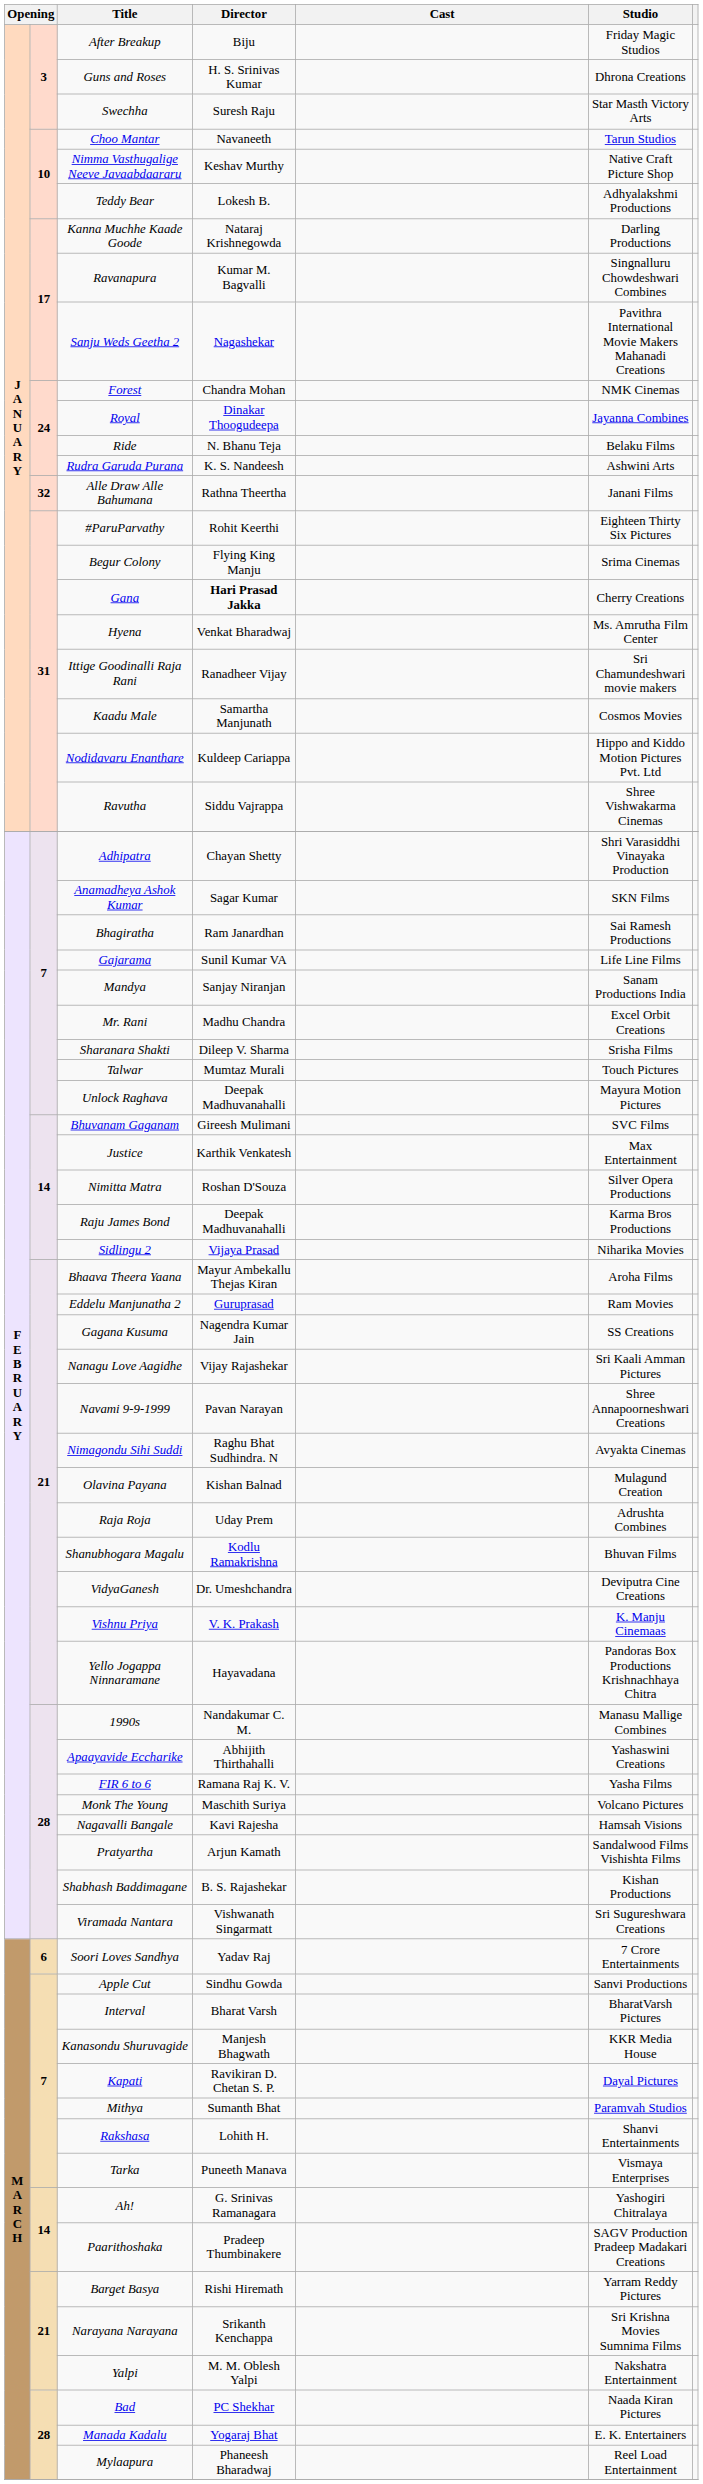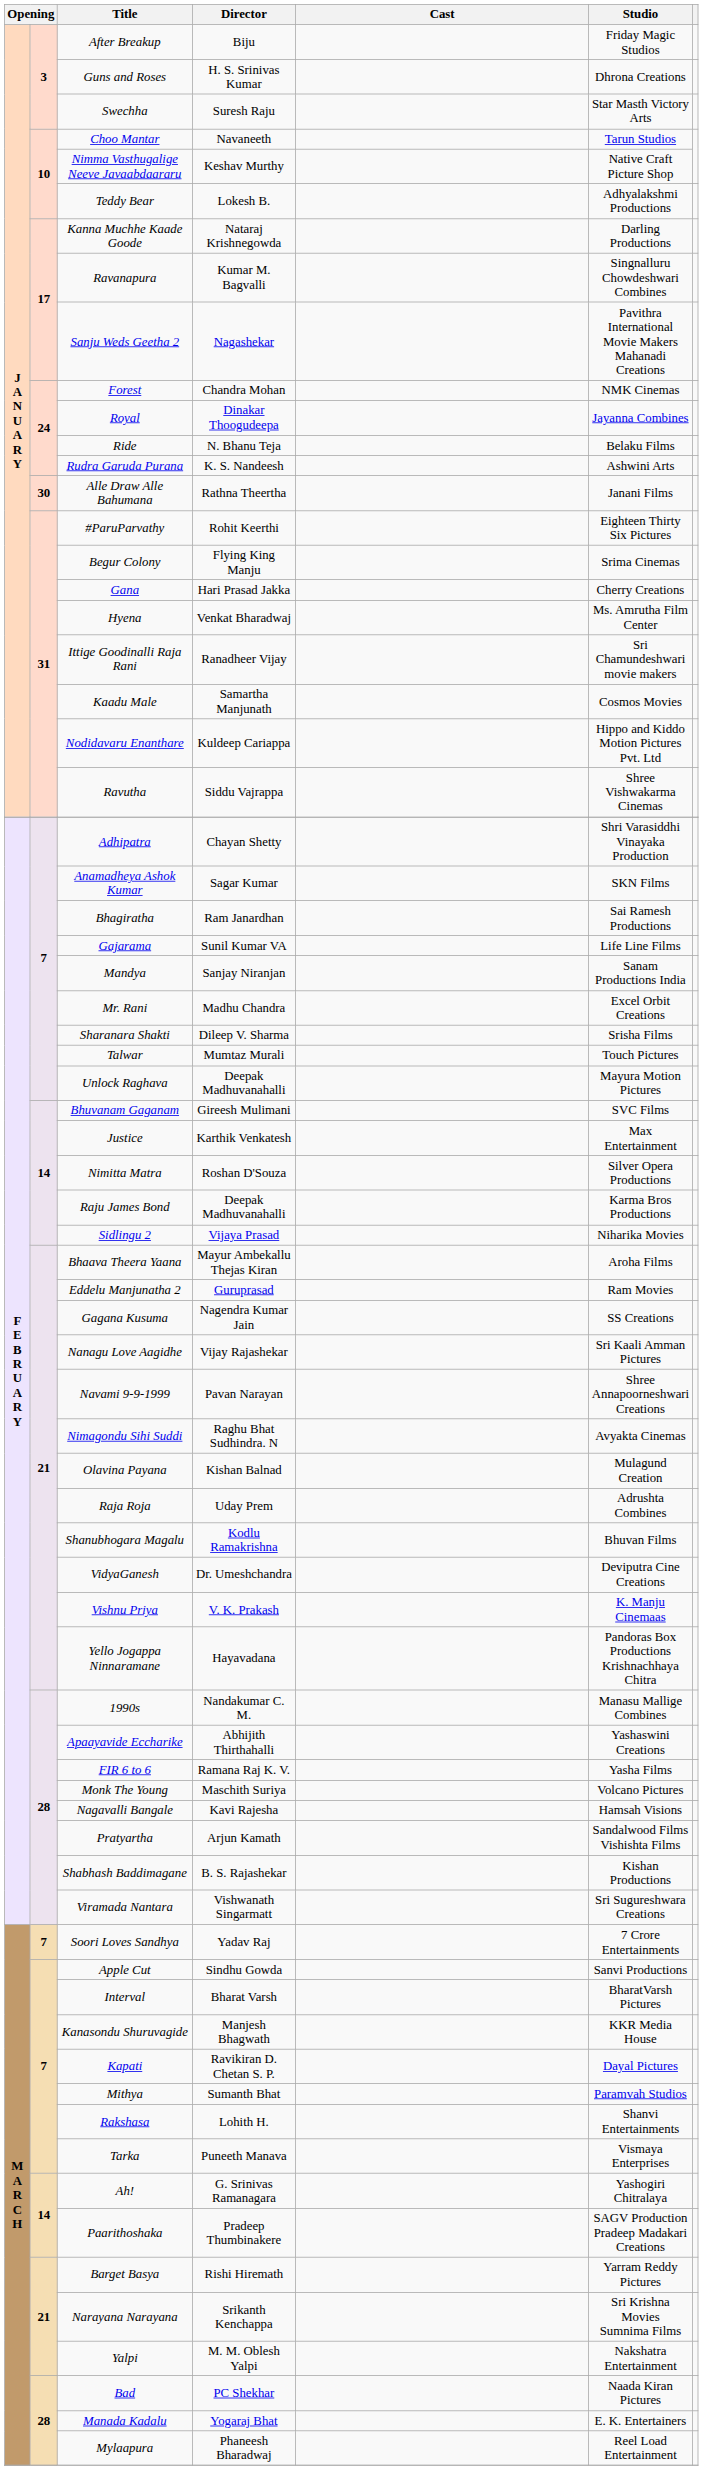 <table class="wikitable sortable">
 <tr>
 <th colspan="2" style="width:6%;">Opening</th>
 <th style="width:20%;">Title</th>
 <th style="width:15%;">Director</th>
 <th style="width:45%;">Cast</th>
 <th style="width:30%;">Studio</th>
 <th style="width:1%;" class="unsortable"></th>
 </tr>
 <tr January!>
 <td rowspan="22" style="text-align:center;background:#ffdabf;"><strong>J<br>A<br>N<br>U<br>A<br>R<br>Y</strong></td>
 <td rowspan="3" style="text-align:center;background:#ffdacc;"><strong>3</strong></td>
 <td align="center"><em>After Breakup</em></td>
 <td align="center">Biju</td>
 <td></td>
 <td align="center">Friday Magic Studios</td>
 <td align="center"></td>
 </tr>
 <tr>
 <td align="center"><em>Guns and Roses</em></td>
 <td align="center">H. S. Srinivas Kumar</td>
 <td></td>
 <td align="center">Dhrona Creations</td>
 <td align="center"></td>
 </tr>
 <tr>
 <td align="center"><em>Swechha</em></td>
 <td align="center">Suresh Raju</td>
 <td></td>
 <td align="center">Star Masth Victory Arts</td>
 <td align="center"></td>
 </tr>
 <tr>
 <td rowspan="3" style="text-align:center;background:#ffdacc;"><strong>10</strong></td>
 <td align="center"><em><a href='#'>Choo Mantar</a></em></td>
 <td align="center">Navaneeth</td>
 <td></td>
 <td align="center"><a href='#'>Tarun Studios</a></td>
 <td rowspan="2"  align="center"></td>
 </tr>
 <tr>
 <td align="center"><em><a href='#'>Nimma Vasthugalige Neeve Javaabdaararu</a></em></td>
 <td align="center">Keshav Murthy</td>
 <td></td>
 <td align="center">Native Craft<br>Picture Shop</td>
 </tr>
 <tr>
 <td align="center"><em>Teddy Bear</em></td>
 <td align="center">Lokesh B.</td>
 <td></td>
 <td align="center">Adhyalakshmi Productions</td>
 <td align="center"></td>
 </tr>
 <tr>
 <td rowspan="3" style="text-align:center;background:#ffdacc;"><strong>17</strong></td>
 <td align="center"><em>Kanna Muchhe Kaade Goode</em></td>
 <td align="center">Nataraj Krishnegowda</td>
 <td></td>
 <td align="center">Darling Productions</td>
 <td align="center"></td>
 </tr>
 <tr>
 <td align="center"><em>Ravanapura</em></td>
 <td align="center">Kumar M. Bagvalli</td>
 <td></td>
 <td align="center">Singnalluru Chowdeshwari Combines</td>
 <td align="center"></td>
 </tr>
 <tr>
 <td align="center"><em><a href='#'>Sanju Weds Geetha 2</a></em></td>
 <td align="center"><a href='#'>Nagashekar</a></td>
 <td></td>
 <td align="center">Pavithra International Movie Makers <br> Mahanadi Creations</td>
 <td align="center"></td>
 </tr>
 <tr>
 <td rowspan="4" style="text-align:center;background:#ffdacc;"><strong>24</strong></td>
 <td align="center"><em><a href='#'>Forest</a></em></td>
 <td align="center">Chandra Mohan</td>
 <td></td>
 <td align="center">NMK Cinemas</td>
 <td align="center"></td>
 </tr>
 <tr>
 <td align="center"><em><a href='#'>Royal</a></em></td>
 <td align="center"><a href='#'>Dinakar Thoogudeepa</a></td>
 <td></td>
 <td align="center"><a href='#'>Jayanna Combines</a></td>
 <td align="center"></td>
 </tr>
 <tr>
 <td align="center"><em>Ride</em></td>
 <td align="center">N. Bhanu Teja</td>
 <td></td>
 <td align="center">Belaku Films</td>
 <td align="center"></td>
 </tr>
 <tr>
 <td align="center"><em><a href='#'>Rudra Garuda Purana</a></em></td>
 <td align="center">K. S. Nandeesh</td>
 <td></td>
 <td align="center">Ashwini Arts</td>
 <td align="center"></td>
 </tr>
 <tr>
-<td rowspan="1" style="text-align:center;background:#ffdacc;"><strong>32</strong></td>
+<td rowspan="1" style="text-align:center;background:#ffdacc;"><strong>30</strong></td>
 <td align="center"><em>Alle Draw Alle Bahumana</em></td>
 <td align="center">Rathna Theertha</td>
 <td></td>
 <td align="center">Janani Films</td>
 <td align="center"></td>
 </tr>
 <tr>
 <td rowspan="8" style="text-align:center;background:#ffdacc;"><strong>31</strong></td>
 <td align="center"><em>#ParuParvathy</em></td>
 <td align="center">Rohit Keerthi</td>
 <td></td>
 <td align="center">Eighteen Thirty Six Pictures</td>
 <td align="center"></td>
 </tr>
 <tr>
 <td align="center"><em>Begur Colony</em></td>
 <td align="center">Flying King Manju</td>
 <td></td>
 <td align="center">Srima Cinemas</td>
 <td align="center"></td>
 </tr>
 <tr>
 <td align="center"><em><a href='#'>Gana</a></em></td>
-<td align="center"><strong>Hari Prasad Jakka</strong></td>
+<td align="center">Hari Prasad Jakka</td>
 <td></td>
 <td align="center">Cherry Creations</td>
 <td align="center"></td>
 </tr>
 <tr>
 <td align="center"><em>Hyena</em></td>
 <td align="center">Venkat Bharadwaj</td>
 <td></td>
 <td align="center">Ms. Amrutha Film Center</td>
 <td align="center"></td>
 </tr>
 <tr>
 <td align="center"><em>Ittige Goodinalli Raja Rani</em></td>
 <td align="center">Ranadheer Vijay</td>
 <td></td>
 <td align="center">Sri Chamundeshwari movie makers</td>
 <td align="center"></td>
 </tr>
 <tr>
 <td align="center"><em>Kaadu Male</em></td>
 <td align="center">Samartha Manjunath</td>
 <td></td>
 <td align="center">Cosmos Movies</td>
 <td align="center"></td>
 </tr>
 <tr>
 <td align="center"><em><a href='#'>Nodidavaru Enanthare</a></em></td>
 <td align="center">Kuldeep Cariappa</td>
 <td></td>
 <td align="center">Hippo and Kiddo Motion Pictures Pvt. Ltd</td>
 <td align="center"></td>
 </tr>
 <tr>
 <td align="center"><em>Ravutha</em></td>
 <td align="center">Siddu Vajrappa</td>
 <td></td>
 <td align="center">Shree Vishwakarma Cinemas</td>
 <td align="center"></td>
 </tr>
 <tr>
 </tr>
 <tr February!>
 <td rowspan="34" style="text-align:center;background:#ede4fe;"><strong>F<br>E<br>B<br>R<br>U<br>A<br>R<br>Y</strong></td>
 <td rowspan="9" style="text-align:center;background:#ede3ef;"><strong>7</strong></td>
 <td align="center"><em><a href='#'>Adhipatra</a></em></td>
 <td align="center">Chayan Shetty</td>
 <td></td>
 <td align="center">Shri Varasiddhi Vinayaka Production</td>
 <td align="center"></td>
 </tr>
 <tr>
 <td align="center"><em><a href='#'>Anamadheya Ashok Kumar</a></em></td>
 <td align="center">Sagar Kumar</td>
 <td></td>
 <td align="center">SKN Films</td>
 <td align="center"></td>
 </tr>
 <tr>
 <td align="center"><em>Bhagiratha</em></td>
 <td align="center">Ram Janardhan</td>
 <td></td>
 <td align="center">Sai Ramesh Productions</td>
 <td align="center"></td>
 </tr>
 <tr>
 <td align="center"><em><a href='#'>Gajarama</a></em></td>
 <td align="center">Sunil Kumar VA</td>
 <td></td>
 <td align="center">Life Line Films</td>
 <td align="center"></td>
 </tr>
 <tr>
 <td align="center"><em>Mandya</em></td>
 <td align="center">Sanjay Niranjan</td>
 <td></td>
 <td align="center">Sanam Productions India</td>
 <td align="center"></td>
 </tr>
 <tr>
 <td align="center"><em>Mr. Rani</em></td>
 <td align="center">Madhu Chandra</td>
 <td></td>
 <td align="center">Excel Orbit Creations</td>
 <td align="center"></td>
 </tr>
 <tr>
 <td align="center"><em>Sharanara Shakti</em></td>
 <td align="center">Dileep V. Sharma</td>
 <td></td>
 <td align="center">Srisha Films</td>
 <td align="center"></td>
 </tr>
 <tr>
 <td align="center"><em>Talwar</em></td>
 <td align="center">Mumtaz Murali</td>
 <td></td>
 <td align="center">Touch Pictures</td>
 <td align="center"></td>
 </tr>
 <tr>
 <td align="center"><em>Unlock Raghava</em></td>
 <td align="center">Deepak Madhuvanahalli</td>
 <td></td>
 <td align="center">Mayura Motion Pictures</td>
 <td align="center"></td>
 </tr>
 <tr>
 <td rowspan="5" style="text-align:center;background:#ede3ef;"><strong>14</strong></td>
 <td align="center"><em><a href='#'>Bhuvanam Gaganam</a></em></td>
 <td align="center">Gireesh Mulimani</td>
 <td></td>
 <td align="center">SVC Films</td>
 <td align="center"></td>
 </tr>
 <tr>
 <td align="center"><em>Justice</em></td>
 <td align="center">Karthik Venkatesh</td>
 <td></td>
 <td align="center">Max Entertainment</td>
 <td align="center"></td>
 </tr>
 <tr>
 <td align="center"><em>Nimitta Matra</em></td>
 <td align="center">Roshan D'Souza</td>
 <td></td>
 <td align="center">Silver Opera Productions</td>
 <td align="center"></td>
 </tr>
 <tr>
 <td align="center"><em>Raju James Bond</em></td>
 <td align="center">Deepak Madhuvanahalli</td>
 <td></td>
 <td align="center">Karma Bros Productions</td>
 <td align="center"></td>
 </tr>
 <tr>
 <td align="center"><em><a href='#'>Sidlingu 2</a></em></td>
 <td align="center"><a href='#'>Vijaya Prasad</a></td>
 <td></td>
 <td align="center">Niharika Movies</td>
 <td align="center"></td>
 </tr>
 <tr>
 <td rowspan="12" style="text-align:center;background:#ede3ef;"><strong>21</strong></td>
 <td align="center"><em>Bhaava Theera Yaana</em></td>
 <td align="center">Mayur Ambekallu <br> Thejas Kiran</td>
 <td></td>
 <td align="center">Aroha Films</td>
 <td align="center"></td>
 </tr>
 <tr>
 <td align="center"><em>Eddelu Manjunatha 2</em></td>
 <td align="center"><a href='#'>Guruprasad</a></td>
 <td></td>
 <td align="center">Ram Movies</td>
 <td align="center"></td>
 </tr>
 <tr>
 <td align="center"><em>Gagana Kusuma</em></td>
 <td align="center">Nagendra Kumar Jain</td>
 <td></td>
 <td align="center">SS Creations</td>
 <td align="center"></td>
 </tr>
 <tr>
 <td align="center"><em>Nanagu Love Aagidhe</em></td>
 <td align="center">Vijay Rajashekar</td>
 <td></td>
 <td align="center">Sri Kaali Amman Pictures</td>
 <td align="center"></td>
 </tr>
 <tr>
 <td align="center"><em>Navami 9-9-1999</em></td>
 <td align="center">Pavan Narayan</td>
 <td></td>
 <td align="center">Shree Annapoorneshwari Creations</td>
 <td align="center"></td>
 </tr>
 <tr>
 <td align="center"><em><a href='#'>Nimagondu Sihi Suddi</a></em></td>
 <td align="center">Raghu Bhat <br> Sudhindra. N</td>
 <td></td>
 <td align="center">Avyakta Cinemas</td>
 <td align="center"></td>
 </tr>
 <tr>
 <td align="center"><em>Olavina Payana</em></td>
 <td align="center">Kishan Balnad</td>
 <td></td>
 <td align="center">Mulagund Creation</td>
 <td align="center"></td>
 </tr>
 <tr>
 <td align="center"><em>Raja Roja</em></td>
 <td align="center">Uday Prem</td>
 <td></td>
 <td align="center">Adrushta Combines</td>
 <td align="center"></td>
 </tr>
 <tr>
 <td align="center"><em>Shanubhogara Magalu</em></td>
 <td align="center"><a href='#'>Kodlu Ramakrishna</a></td>
 <td></td>
 <td align="center">Bhuvan Films</td>
 <td align="center"></td>
 </tr>
 <tr>
 <td align="center"><em>VidyaGanesh</em></td>
 <td align="center">Dr. Umeshchandra</td>
 <td></td>
 <td align="center">Deviputra Cine Creations</td>
 <td align="center"></td>
 </tr>
 <tr>
 <td align="center"><em><a href='#'>Vishnu Priya</a></em></td>
 <td align="center"><a href='#'>V. K. Prakash</a></td>
 <td></td>
 <td align="center"><a href='#'>K. Manju Cinemaas</a></td>
 <td align="center"></td>
 </tr>
 <tr>
 <td align="center"><em>Yello Jogappa Ninnaramane</em></td>
 <td align="center">Hayavadana</td>
 <td></td>
 <td align="center">Pandoras Box Productions <br> Krishnachhaya Chitra</td>
 <td align="center"></td>
 </tr>
 <tr>
 <td rowspan="8" style="text-align:center;background:#ede3ef;"><strong>28</strong></td>
 <td align="center"><em>1990s</em></td>
 <td align="center">Nandakumar C. M.</td>
 <td></td>
 <td align="center">Manasu Mallige Combines</td>
 <td align="center"></td>
 </tr>
 <tr>
 <td align="center"><em><a href='#'>Apaayavide Eccharike</a></em></td>
 <td align="center">Abhijith Thirthahalli</td>
 <td></td>
 <td align="center">Yashaswini Creations</td>
 <td align="center"></td>
 </tr>
 <tr>
 <td align="center"><em><a href='#'>FIR 6 to 6</a></em></td>
 <td align="center">Ramana Raj K. V.</td>
 <td></td>
 <td align="center">Yasha Films</td>
 <td align="center"></td>
 </tr>
 <tr>
 <td align="center"><em>Monk The Young</em></td>
 <td align="center">Maschith Suriya</td>
 <td></td>
 <td align="center">Volcano Pictures</td>
 <td align="center"></td>
 </tr>
 <tr>
 <td align="center"><em>Nagavalli Bangale</em></td>
 <td align="center">Kavi Rajesha</td>
 <td></td>
 <td align="center">Hamsah Visions</td>
 <td align="center"></td>
 </tr>
 <tr>
 <td align="center"><em>Pratyartha</em></td>
 <td align="center">Arjun Kamath</td>
 <td></td>
 <td align="center">Sandalwood Films <br> Vishishta Films</td>
 <td align="center"></td>
 </tr>
 <tr>
 <td align="center"><em>Shabhash Baddimagane</em></td>
 <td align="center">B. S. Rajashekar</td>
 <td></td>
 <td align="center">Kishan Productions</td>
 <td align="center"></td>
 </tr>
 <tr>
 <td align="center"><em>Viramada Nantara</em></td>
 <td align="center">Vishwanath Singarmatt</td>
 <td></td>
 <td align="center">Sri Sugureshwara Creations</td>
 <td align="center"></td>
 </tr>
 <tr>
 <td rowspan="16" style="text-align:center; background:#C19A6B; textcolor:#000;"><strong>M<br>A<br>R<br>C<br>H</strong></td>
-<td rowspan="1" style="text-align:center;background:#F5DEB3;"><strong>6</strong></td>
+<td rowspan="1" style="text-align:center;background:#F5DEB3;"><strong>7</strong></td>
 <td align="center"><em>Soori Loves Sandhya</em></td>
 <td align="center">Yadav Raj</td>
 <td></td>
 <td align="center">7 Crore Entertainments</td>
 <td align="center"></td>
 </tr>
 <tr>
 <td rowspan="7" style="text-align:center;background:#F5DEB3;"><strong>7</strong></td>
 <td align="center"><em>Apple Cut</em></td>
 <td align="center">Sindhu Gowda</td>
 <td></td>
 <td align="center">Sanvi Productions</td>
 <td align="center"></td>
 </tr>
 <tr>
 <td align="center"><em>Interval</em></td>
 <td align="center">Bharat Varsh</td>
 <td></td>
 <td align="center">BharatVarsh Pictures</td>
 <td align="center"></td>
 </tr>
 <tr>
 <td align="center"><em>Kanasondu Shuruvagide</em></td>
 <td align="center">Manjesh Bhagwath</td>
 <td></td>
 <td align="center">KKR Media House</td>
 <td align="center"></td>
 </tr>
 <tr>
 <td align="center"><em><a href='#'>Kapati</a></em></td>
 <td align="center">Ravikiran D. <br> Chetan S. P.</td>
 <td></td>
 <td align="center"><a href='#'> Dayal Pictures</a></td>
 <td align="center"></td>
 </tr>
 <tr>
 <td align="center"><em>Mithya</em></td>
 <td align="center">Sumanth Bhat</td>
 <td></td>
 <td align="center"><a href='#'>Paramvah Studios</a></td>
 <td align="center"></td>
 </tr>
 <tr>
 <td align="center"><em><a href='#'>Rakshasa</a></em></td>
 <td align="center">Lohith H.</td>
 <td></td>
 <td align="center">Shanvi Entertainments</td>
 <td align="center"></td>
 </tr>
 <tr>
 <td align="center"><em>Tarka</em></td>
 <td align="center">Puneeth Manava</td>
 <td></td>
 <td align="center">Vismaya Enterprises</td>
 <td align="center"></td>
 </tr>
 <tr>
 <td rowspan="2" style="text-align:center;background:#F5DEB3;"><strong>14</strong></td>
 <td align="center"><em>Ah!</em></td>
 <td align="center">G. Srinivas Ramanagara</td>
 <td></td>
 <td align="center">Yashogiri Chitralaya</td>
 <td align="center"></td>
 </tr>
 <tr>
 <td align="center"><em>Paarithoshaka</em></td>
 <td align="center">Pradeep Thumbinakere</td>
 <td></td>
 <td align="center">SAGV Production <br> Pradeep Madakari Creations</td>
 <td align="center"></td>
 </tr>
 <tr>
 <td rowspan="3" style="text-align:center;background:#F5DEB3;"><strong>21</strong></td>
 <td align="center"><em>Barget Basya</em></td>
 <td align="center">Rishi Hiremath</td>
 <td></td>
 <td align="center">Yarram Reddy Pictures</td>
 <td align="center"></td>
 </tr>
 <tr>
 <td align="center"><em>Narayana Narayana</em></td>
 <td align="center">Srikanth Kenchappa</td>
 <td></td>
 <td align="center">Sri Krishna Movies <br> Sumnima Films</td>
 <td align="center"></td>
 </tr>
 <tr>
 <td align="center"><em>Yalpi</em></td>
 <td align="center">M. M. Oblesh Yalpi</td>
 <td></td>
 <td align="center">Nakshatra Entertainment</td>
 <td align="center"></td>
 </tr>
 <tr>
 <td rowspan="3" style="text-align:center;background:#F5DEB3;"><strong>28</strong></td>
 <td align="center"><em><a href='#'>Bad</a></em></td>
 <td align="center"><a href='#'>PC Shekhar</a></td>
 <td></td>
 <td align="center">Naada Kiran Pictures</td>
 <td align="center"></td>
 </tr>
 <tr>
 <td align="center"><em><a href='#'>Manada Kadalu</a></em></td>
 <td align="center"><a href='#'>Yogaraj Bhat</a></td>
 <td></td>
 <td align="center">E. K. Entertainers</td>
 <td align="center"></td>
 </tr>
 <tr>
 <td align="center"><em>Mylaapura</em></td>
 <td align="center">Phaneesh Bharadwaj</td>
 <td></td>
 <td align="center">Reel Load Entertainment</td>
 <td align="center"></td>
 </tr>
 <tr>
 </tr>
 </table>
